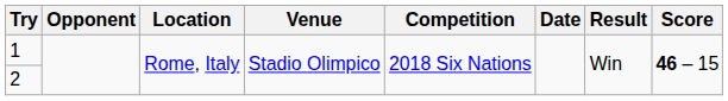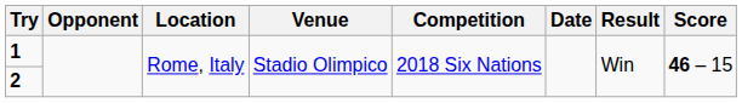 <table class="wikitable" style="font-size:100%">
 <tr>
 <th>Try</th>
 <th>Opponent</th>
 <th>Location</th>
 <th>Venue</th>
 <th>Competition</th>
 <th>Date</th>
 <th>Result</th>
 <th>Score</th>
 </tr>
 <tr>
-<td>1</td>
+<td><strong>1</strong></td>
 <td rowspan="2"></td>
 <td rowspan="2"><a href='#'>Rome</a>, <a href='#'>Italy</a></td>
 <td rowspan="2"><a href='#'>Stadio Olimpico</a></td>
 <td rowspan="2"><a href='#'>2018 Six Nations</a></td>
 <td rowspan="2"></td>
 <td rowspan="2">Win</td>
 <td rowspan="2"><strong>46</strong> – 15</td>
 </tr>
 <tr>
-<td>2</td>
+<td><strong>2</strong></td>
 </tr>
 </table>
